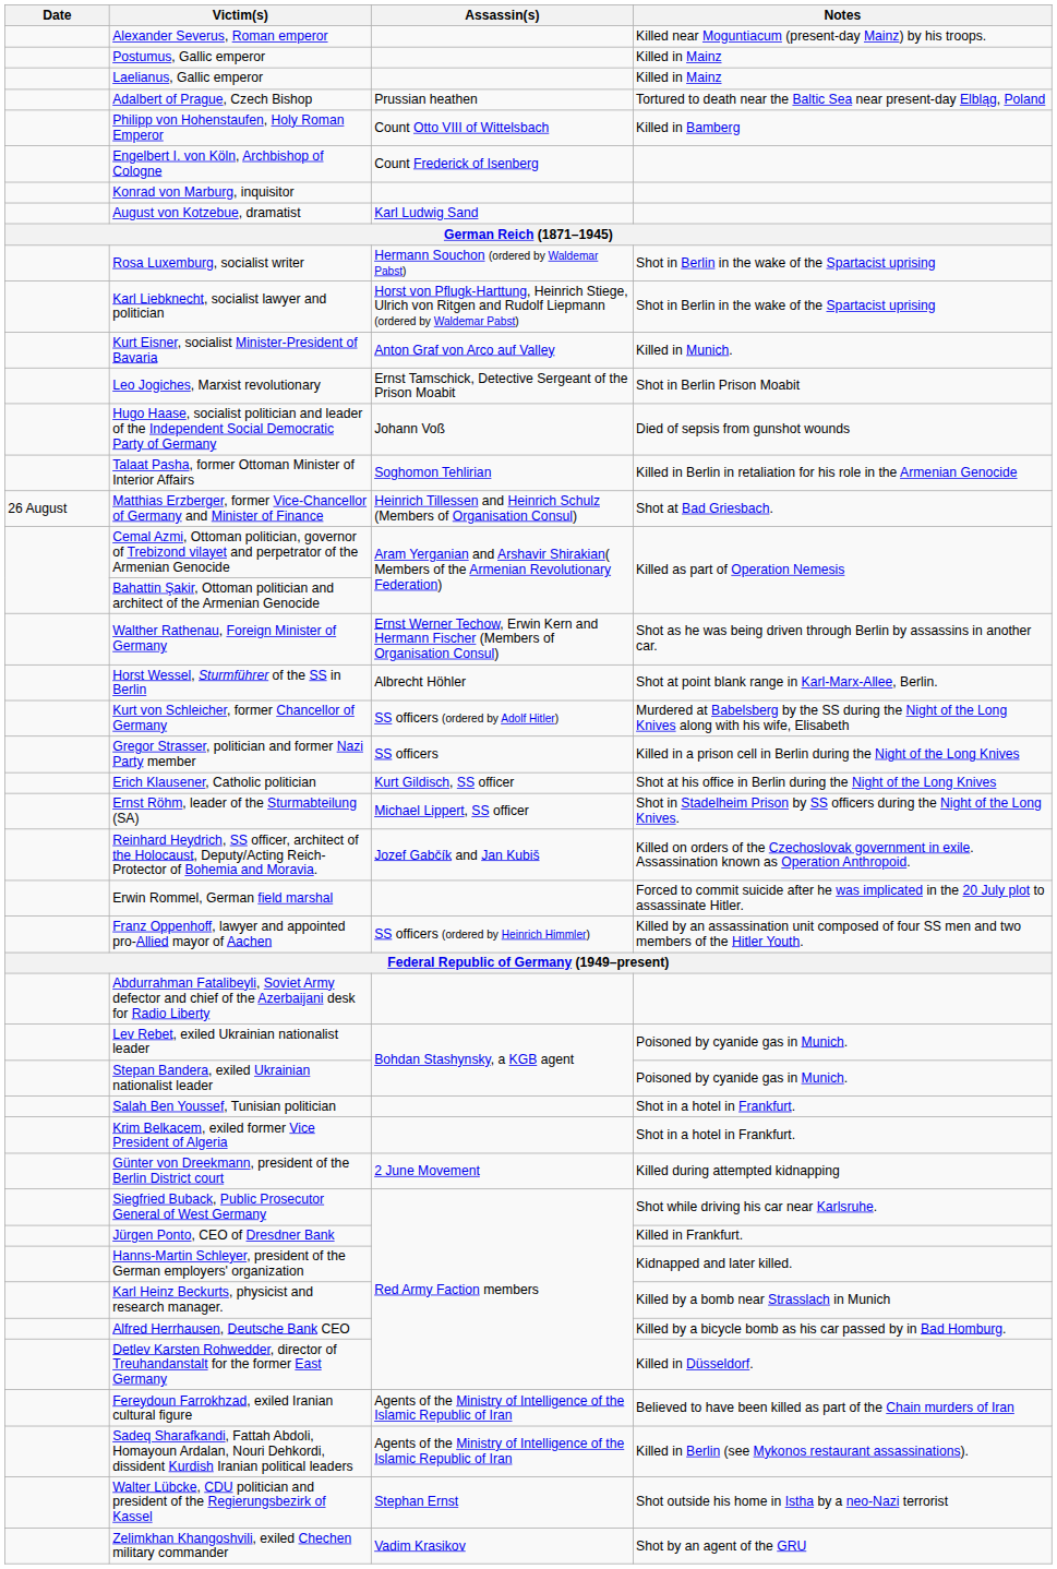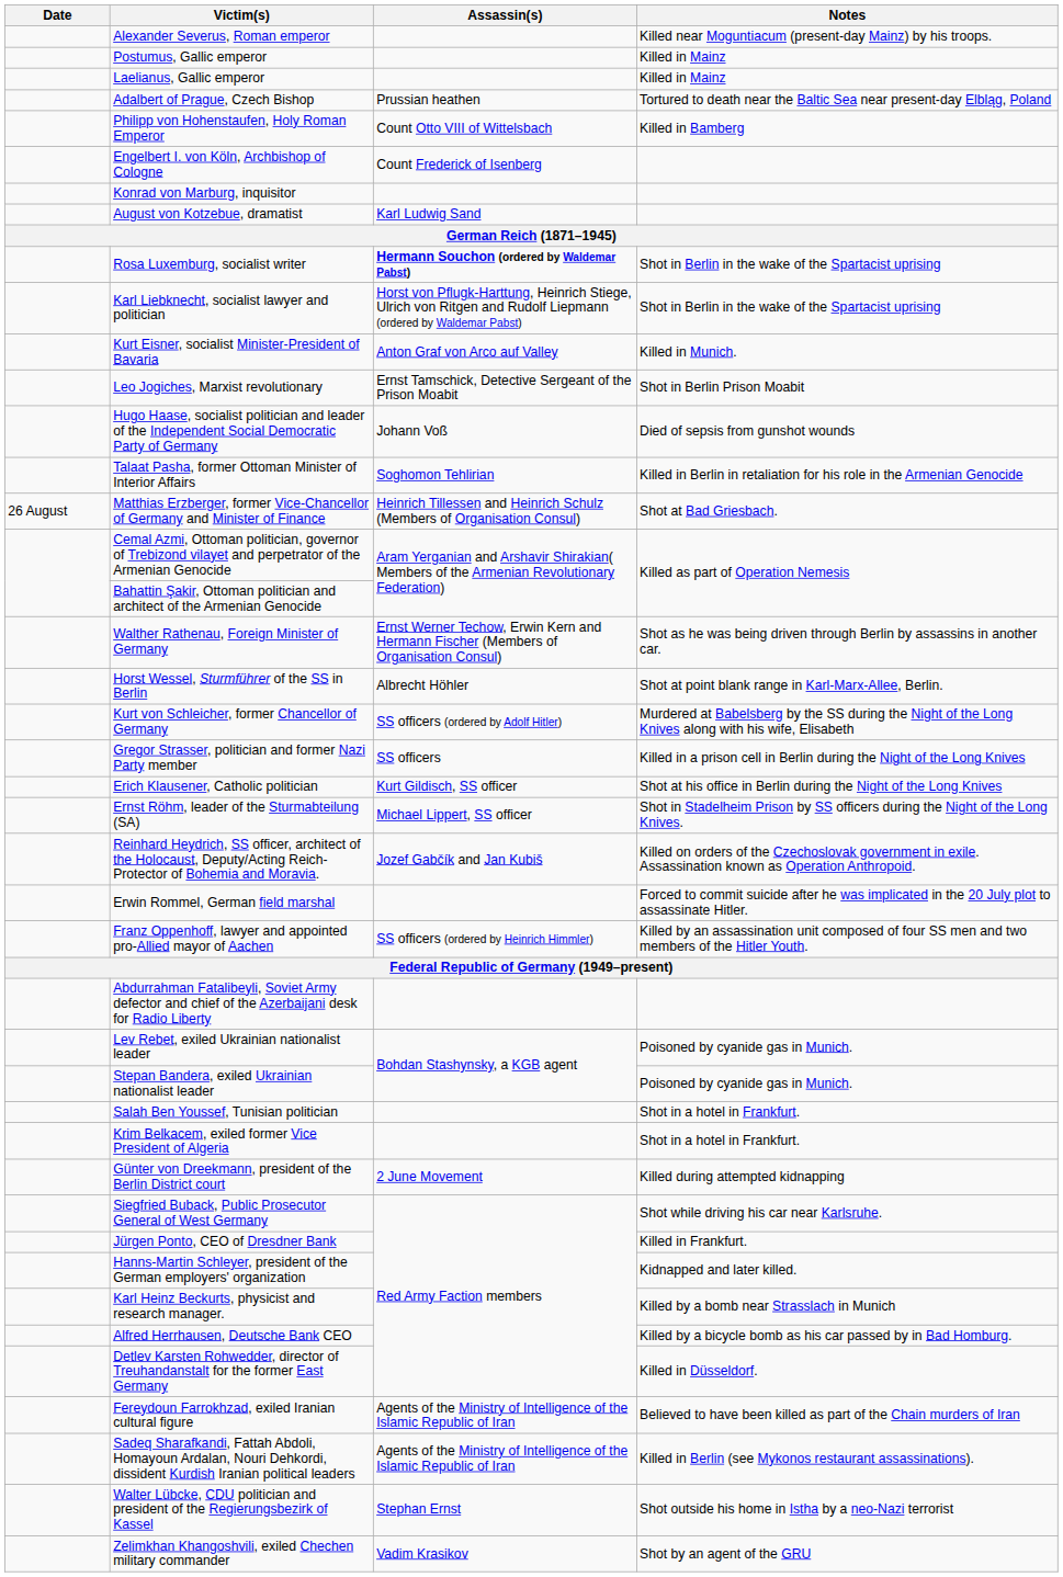 <table class="wikitable sortable" style="width:100%">
 <tr>
 <th style="width:10%">Date</th>
 <th style="width:25%">Victim(s)</th>
 <th style="width:25%">Assassin(s)</th>
 <th style="width:40%">Notes</th>
 </tr>
 <tr>
 <td></td>
 <td><a href='#'>Alexander Severus</a>, <a href='#'>Roman emperor</a></td>
 <td></td>
 <td>Killed near <a href='#'>Moguntiacum</a> (present-day <a href='#'>Mainz</a>) by his troops.</td>
 </tr>
 <tr>
 <td></td>
 <td><a href='#'>Postumus</a>, Gallic emperor</td>
 <td></td>
 <td>Killed in <a href='#'>Mainz</a></td>
 </tr>
 <tr>
 <td></td>
 <td><a href='#'>Laelianus</a>, Gallic emperor</td>
 <td></td>
 <td>Killed in <a href='#'>Mainz</a></td>
 </tr>
 <tr>
 <td></td>
 <td><a href='#'>Adalbert of Prague</a>, Czech Bishop</td>
 <td>Prussian heathen</td>
 <td>Tortured to death near the <a href='#'>Baltic Sea</a> near present-day <a href='#'>Elbląg</a>, <a href='#'>Poland</a></td>
 </tr>
 <tr>
 <td></td>
 <td><a href='#'>Philipp von Hohenstaufen</a>, <a href='#'>Holy Roman Emperor</a></td>
 <td>Count <a href='#'>Otto VIII of Wittelsbach</a></td>
 <td>Killed in <a href='#'>Bamberg</a></td>
 </tr>
 <tr>
 <td></td>
 <td><a href='#'>Engelbert I. von Köln</a>, <a href='#'>Archbishop of Cologne</a></td>
 <td>Count <a href='#'>Frederick of Isenberg</a></td>
 <td></td>
 </tr>
 <tr>
 <td></td>
 <td><a href='#'>Konrad von Marburg</a>, inquisitor</td>
 <td></td>
 <td></td>
 </tr>
 <tr>
 <td></td>
 <td><a href='#'>August von Kotzebue</a>, dramatist</td>
 <td><a href='#'>Karl Ludwig Sand</a></td>
 <td></td>
 </tr>
 <tr>
 <th colspan="7"><a href='#'>German Reich</a> (1871–1945)</th>
 </tr>
 <tr>
 <td></td>
 <td><a href='#'>Rosa Luxemburg</a>, socialist writer</td>
-<td><a href='#'>Hermann Souchon</a> <small>(ordered by <a href='#'>Waldemar Pabst</a>)</small></td>
+<td><strong><a href='#'>Hermann Souchon</a> <small>(ordered by <a href='#'>Waldemar Pabst</a>)</small></strong></td>
 <td>Shot in <a href='#'>Berlin</a> in the wake of the <a href='#'>Spartacist uprising</a></td>
 </tr>
 <tr>
 <td></td>
 <td><a href='#'>Karl Liebknecht</a>, socialist lawyer and politician</td>
 <td><a href='#'>Horst von Pflugk-Harttung</a>, Heinrich Stiege, Ulrich von Ritgen and Rudolf Liepmann <small>(ordered by <a href='#'>Waldemar Pabst</a>)</small></td>
 <td>Shot in Berlin in the wake of the <a href='#'>Spartacist uprising</a></td>
 </tr>
 <tr>
 <td></td>
 <td><a href='#'>Kurt Eisner</a>, socialist <a href='#'>Minister-President of Bavaria</a></td>
 <td><a href='#'>Anton Graf von Arco auf Valley</a></td>
 <td>Killed in <a href='#'>Munich</a>.</td>
 </tr>
 <tr>
 <td></td>
 <td><a href='#'>Leo Jogiches</a>, Marxist revolutionary</td>
 <td>Ernst Tamschick, Detective Sergeant of the Prison Moabit</td>
 <td>Shot in Berlin Prison Moabit</td>
 </tr>
 <tr>
 <td></td>
 <td><a href='#'>Hugo Haase</a>, socialist politician and leader of the <a href='#'>Independent Social Democratic Party of Germany</a></td>
 <td>Johann Voß</td>
 <td>Died of sepsis from gunshot wounds</td>
 </tr>
 <tr>
 <td></td>
 <td><a href='#'>Talaat Pasha</a>, former Ottoman Minister of Interior Affairs</td>
 <td><a href='#'>Soghomon Tehlirian</a></td>
 <td>Killed in Berlin in retaliation for his role in the <a href='#'>Armenian Genocide</a></td>
 </tr>
 <tr>
 <td>26 August </td>
 <td><a href='#'>Matthias Erzberger</a>, former <a href='#'>Vice-Chancellor of Germany</a> and <a href='#'>Minister of Finance</a></td>
 <td><a href='#'>Heinrich Tillessen</a> and <a href='#'>Heinrich Schulz</a> (Members of <a href='#'>Organisation Consul</a>)</td>
 <td>Shot at <a href='#'>Bad Griesbach</a>.</td>
 </tr>
 <tr>
 <td rowspan="2"></td>
 <td><a href='#'>Cemal Azmi</a>, Ottoman politician, governor of <a href='#'>Trebizond vilayet</a> and perpetrator of the Armenian Genocide</td>
 <td rowspan="2"><a href='#'>Aram Yerganian</a> and <a href='#'>Arshavir Shirakian</a>( Members of the <a href='#'>Armenian Revolutionary Federation</a>)</td>
 <td rowspan="2">Killed as part of <a href='#'>Operation Nemesis</a></td>
 </tr>
 <tr>
 <td><a href='#'>Bahattin Şakir</a>, Ottoman politician and architect of the Armenian Genocide</td>
 </tr>
 <tr>
 <td></td>
 <td><a href='#'>Walther Rathenau</a>, <a href='#'>Foreign Minister of Germany</a></td>
 <td><a href='#'>Ernst Werner Techow</a>, Erwin Kern and <a href='#'>Hermann Fischer</a> (Members of <a href='#'>Organisation Consul</a>)</td>
 <td>Shot as he was being driven through Berlin by assassins in another car.</td>
 </tr>
 <tr>
 <td></td>
 <td><a href='#'>Horst Wessel</a>, <em><a href='#'>Sturmführer</a></em> of the <a href='#'>SS</a> in <a href='#'>Berlin</a></td>
 <td>Albrecht Höhler</td>
 <td>Shot at point blank range in <a href='#'>Karl-Marx-Allee</a>, Berlin.</td>
 </tr>
 <tr>
 <td></td>
 <td><a href='#'>Kurt von Schleicher</a>, former <a href='#'>Chancellor of Germany</a></td>
 <td><a href='#'>SS</a> officers <small>(ordered by <a href='#'>Adolf Hitler</a>)</small></td>
 <td>Murdered at <a href='#'>Babelsberg</a> by the SS during the <a href='#'>Night of the Long Knives</a> along with his wife, Elisabeth</td>
 </tr>
 <tr>
 <td></td>
 <td><a href='#'>Gregor Strasser</a>, politician and former <a href='#'>Nazi Party</a> member</td>
 <td><a href='#'>SS</a> officers</td>
 <td>Killed in a prison cell in Berlin during the <a href='#'>Night of the Long Knives</a></td>
 </tr>
 <tr>
 <td></td>
 <td><a href='#'>Erich Klausener</a>, Catholic politician</td>
 <td><a href='#'>Kurt Gildisch</a>, <a href='#'>SS</a> officer</td>
 <td>Shot at his office in Berlin during the <a href='#'>Night of the Long Knives</a></td>
 </tr>
 <tr>
 <td></td>
 <td><a href='#'>Ernst Röhm</a>, leader of the <a href='#'>Sturmabteilung</a> (SA)</td>
 <td><a href='#'>Michael Lippert</a>, <a href='#'>SS</a> officer</td>
 <td>Shot in <a href='#'>Stadelheim Prison</a> by <a href='#'>SS</a> officers during the <a href='#'>Night of the Long Knives</a>.</td>
 </tr>
 <tr>
 <td></td>
 <td><a href='#'>Reinhard Heydrich</a>, <a href='#'>SS</a> officer, architect of <a href='#'>the Holocaust</a>, Deputy/Acting Reich-Protector of <a href='#'>Bohemia and Moravia</a>.</td>
 <td><a href='#'>Jozef Gabčík</a> and <a href='#'>Jan Kubiš</a></td>
 <td>Killed on orders of the <a href='#'>Czechoslovak government in exile</a>. Assassination known as <a href='#'>Operation Anthropoid</a>.</td>
 </tr>
 <tr>
 <td></td>
 <td>Erwin Rommel, German <a href='#'>field marshal</a></td>
 <td></td>
 <td>Forced to commit suicide after he <a href='#'>was implicated</a> in the <a href='#'>20 July plot</a> to assassinate Hitler.</td>
 </tr>
 <tr>
 <td></td>
 <td><a href='#'>Franz Oppenhoff</a>, lawyer and appointed pro-<a href='#'>Allied</a> mayor of <a href='#'>Aachen</a></td>
 <td><a href='#'>SS</a> officers <small>(ordered by <a href='#'>Heinrich Himmler</a>)</small></td>
 <td>Killed by an assassination unit composed of four SS men and two members of the <a href='#'>Hitler Youth</a>.</td>
 </tr>
 <tr>
 <th colspan="7"><a href='#'>Federal Republic of Germany</a> (1949–present)</th>
 </tr>
 <tr>
 <td></td>
 <td><a href='#'>Abdurrahman Fatalibeyli</a>, <a href='#'>Soviet Army</a> defector and chief of the <a href='#'>Azerbaijani</a> desk for <a href='#'>Radio Liberty</a></td>
 <td></td>
 <td></td>
 </tr>
 <tr>
 <td></td>
 <td><a href='#'>Lev Rebet</a>, exiled Ukrainian nationalist leader</td>
 <td rowspan="2"><a href='#'>Bohdan Stashynsky</a>, a <a href='#'>KGB</a> agent</td>
 <td>Poisoned by cyanide gas in <a href='#'>Munich</a>.</td>
 </tr>
 <tr>
 <td></td>
 <td><a href='#'>Stepan Bandera</a>, exiled <a href='#'>Ukrainian</a> nationalist leader</td>
 <td>Poisoned by cyanide gas in <a href='#'>Munich</a>.</td>
 </tr>
 <tr>
 <td></td>
 <td><a href='#'>Salah Ben Youssef</a>, Tunisian politician</td>
 <td></td>
 <td>Shot in a hotel in <a href='#'>Frankfurt</a>.</td>
 </tr>
 <tr>
 <td></td>
 <td><a href='#'>Krim Belkacem</a>, exiled former <a href='#'>Vice President of Algeria</a></td>
 <td></td>
 <td>Shot in a hotel in Frankfurt.</td>
 </tr>
 <tr>
 <td></td>
 <td><a href='#'>Günter von Dreekmann</a>, president of the <a href='#'>Berlin District court</a></td>
 <td><a href='#'>2 June Movement</a></td>
 <td>Killed during attempted kidnapping</td>
 </tr>
 <tr>
 <td></td>
 <td><a href='#'>Siegfried Buback</a>, <a href='#'>Public Prosecutor General of West Germany</a></td>
 <td rowspan="6"><a href='#'>Red Army Faction</a> members</td>
 <td>Shot while driving his car near <a href='#'>Karlsruhe</a>.</td>
 </tr>
 <tr>
 <td></td>
 <td><a href='#'>Jürgen Ponto</a>, CEO of <a href='#'>Dresdner Bank</a></td>
 <td>Killed in Frankfurt.</td>
 </tr>
 <tr>
 <td></td>
 <td><a href='#'>Hanns-Martin Schleyer</a>, president of the German employers' organization</td>
 <td>Kidnapped and later killed.</td>
 </tr>
 <tr>
 <td></td>
 <td><a href='#'>Karl Heinz Beckurts</a>, physicist and research manager.</td>
 <td>Killed by a bomb near <a href='#'>Strasslach</a> in Munich</td>
 </tr>
 <tr>
 <td></td>
 <td><a href='#'>Alfred Herrhausen</a>, <a href='#'>Deutsche Bank</a> CEO</td>
 <td>Killed by a bicycle bomb as his car passed by in <a href='#'>Bad Homburg</a>.</td>
 </tr>
 <tr>
 <td></td>
 <td><a href='#'>Detlev Karsten Rohwedder</a>, director of <a href='#'>Treuhandanstalt</a> for the former <a href='#'>East Germany</a></td>
 <td>Killed in <a href='#'>Düsseldorf</a>.</td>
 </tr>
 <tr>
 <td></td>
 <td><a href='#'>Fereydoun Farrokhzad</a>, exiled Iranian cultural figure</td>
 <td>Agents of the <a href='#'>Ministry of Intelligence of the Islamic Republic of Iran</a></td>
 <td>Believed to have been killed as part of the <a href='#'>Chain murders of Iran</a></td>
 </tr>
 <tr>
 <td></td>
 <td><a href='#'>Sadeq Sharafkandi</a>, Fattah Abdoli, Homayoun Ardalan, Nouri Dehkordi, dissident <a href='#'>Kurdish</a> Iranian political leaders</td>
 <td>Agents of the <a href='#'>Ministry of Intelligence of the Islamic Republic of Iran</a></td>
 <td>Killed in <a href='#'>Berlin</a> (see <a href='#'>Mykonos restaurant assassinations</a>).</td>
 </tr>
 <tr>
 <td></td>
 <td><a href='#'>Walter Lübcke</a>, <a href='#'>CDU</a> politician and president of the <a href='#'>Regierungsbezirk of Kassel</a></td>
 <td><a href='#'>Stephan Ernst</a></td>
 <td>Shot outside his home in <a href='#'>Istha</a> by a <a href='#'>neo-Nazi</a> terrorist</td>
 </tr>
 <tr>
 <td></td>
 <td><a href='#'>Zelimkhan Khangoshvili</a>, exiled <a href='#'>Chechen</a> military commander</td>
 <td><a href='#'>Vadim Krasikov</a></td>
 <td>Shot by an agent of the <a href='#'>GRU</a></td>
 </tr>
 </table>
